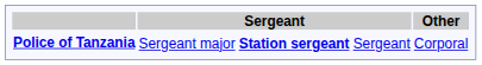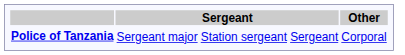 <table style="border:1px solid #8888aa; background:#f7f8ff; padding:5px; font-size:95%; margin:0 12px 12px 0;">
 <tr style="background:#ccc;">
 <th></th>
 <th colspan=3>Sergeant</th>
 <th colspan=1>Other</th>
 </tr>
 <tr style="text-align:center">
 <td rowspan=2><strong> <a href='#'>Police of Tanzania</a></strong></td>
 <td></td>
 <td></td>
 <td></td>
 <td></td>
 </tr>
 <tr style="text-align:center">
 <td><a href='#'>Sergeant major</a></td>
-<td><strong><a href='#'>Station sergeant</a></strong></td>
+<td><a href='#'>Station sergeant</a></td>
 <td><a href='#'>Sergeant</a></td>
 <td><a href='#'>Corporal</a></td>
 </tr>
 </table>
